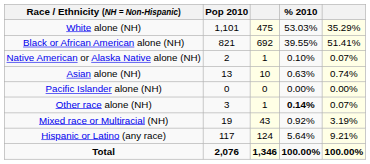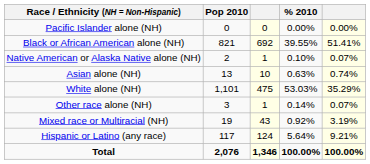 <table class="wikitable" style="text-align:center;">
 <tr>
 <th>Race / Ethnicity <small>(<em>NH = Non-Hispanic</em>)</small></th>
 <th>Pop 2010</th>
 <th></th>
 <th>% 2010</th>
 <th></th>
 </tr>
 <tr>
-<td><a href='#'>White</a> alone (NH)</td>
-<td>1,101</td>
-<td style='background: #ffffe6;'>475</td>
-<td>53.03%</td>
-<td style='background: #ffffe6;'>35.29%</td>
+<td><a href='#'>Pacific Islander</a> alone (NH)</td>
+<td>0</td>
+<td style='background: #ffffe6;'>0</td>
+<td>0.00%</td>
+<td style='background: #ffffe6;'>0.00%</td>
 </tr>
 <tr>
 <td><a href='#'>Black or African American</a> alone (NH)</td>
 <td>821</td>
 <td style='background: #ffffe6;'>692</td>
 <td>39.55%</td>
 <td style='background: #ffffe6;'>51.41%</td>
 </tr>
 <tr>
 <td><a href='#'>Native American</a> or <a href='#'>Alaska Native</a> alone (NH)</td>
 <td>2</td>
 <td style='background: #ffffe6;'>1</td>
 <td>0.10%</td>
 <td style='background: #ffffe6;'>0.07%</td>
 </tr>
 <tr>
 <td><a href='#'>Asian</a> alone (NH)</td>
 <td>13</td>
 <td style='background: #ffffe6;'>10</td>
 <td>0.63%</td>
 <td style='background: #ffffe6;'>0.74%</td>
 </tr>
 <tr>
-<td><a href='#'>Pacific Islander</a> alone (NH)</td>
-<td>0</td>
-<td style='background: #ffffe6;'>0</td>
-<td>0.00%</td>
-<td style='background: #ffffe6;'>0.00%</td>
+<td><a href='#'>White</a> alone (NH)</td>
+<td>1,101</td>
+<td style='background: #ffffe6;'>475</td>
+<td>53.03%</td>
+<td style='background: #ffffe6;'>35.29%</td>
 </tr>
 <tr>
 <td><a href='#'>Other race</a> alone (NH)</td>
 <td>3</td>
 <td style='background: #ffffe6;'>1</td>
-<td><strong>0.14%</strong></td>
+<td>0.14%</td>
 <td style='background: #ffffe6;'>0.07%</td>
 </tr>
 <tr>
 <td><a href='#'>Mixed race or Multiracial</a> (NH)</td>
 <td>19</td>
 <td style='background: #ffffe6;'>43</td>
 <td>0.92%</td>
 <td style='background: #ffffe6;'>3.19%</td>
 </tr>
 <tr>
 <td><a href='#'>Hispanic or Latino</a> (any race)</td>
 <td>117</td>
 <td style='background: #ffffe6;'>124</td>
 <td>5.64%</td>
 <td style='background: #ffffe6;'>9.21%</td>
 </tr>
 <tr>
 <td><strong>Total</strong></td>
 <td><strong>2,076</strong></td>
 <td style='background: #ffffe6;'><strong>1,346</strong></td>
 <td><strong>100.00%</strong></td>
 <td style='background: #ffffe6;'><strong>100.00%</strong></td>
 </tr>
 </table>
